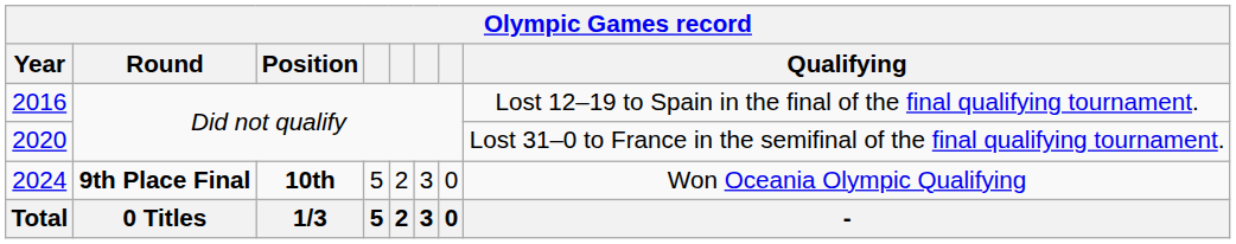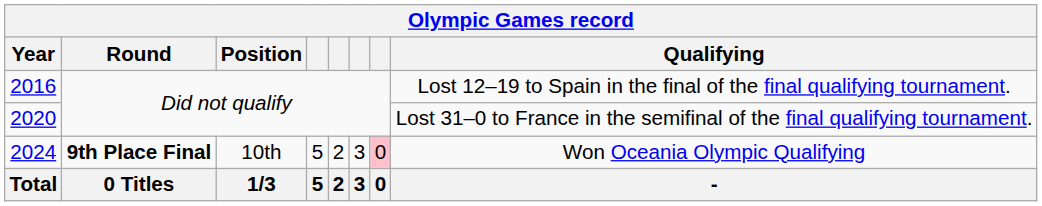 <table class="wikitable" style="text-align: center;">
 <tr>
 <th colspan=8><a href='#'>Olympic Games record</a></th>
 </tr>
 <tr>
 <th>Year</th>
 <th>Round</th>
 <th>Position</th>
 <th></th>
 <th></th>
 <th></th>
 <th></th>
 <th>Qualifying</th>
 </tr>
 <tr>
 <td> <a href='#'>2016</a></td>
 <td colspan="6" rowspan="2"><em>Did not qualify</em></td>
 <td>Lost 12–19 to Spain in the final of the <a href='#'>final qualifying tournament</a>.</td>
 </tr>
 <tr>
 <td> <a href='#'>2020</a></td>
 <td>Lost 31–0 to France in the semifinal of the <a href='#'>final qualifying tournament</a>.</td>
 </tr>
 <tr>
 <td> <a href='#'>2024</a></td>
 <td><strong>9th Place Final</strong></td>
-<td><strong>10th</strong></td>
+<td>10th</td>
 <td>5</td>
 <td>2</td>
 <td>3</td>
-<td>0</td>
+<td style="background: pink;">0</td>
 <td>Won <a href='#'>Oceania Olympic Qualifying</a></td>
 </tr>
 <tr>
 <th colspan="1">Total</th>
 <th>0 Titles</th>
 <th>1/3</th>
 <th>5</th>
 <th>2</th>
 <th>3</th>
 <th>0</th>
 <th>-</th>
 </tr>
 </table>
